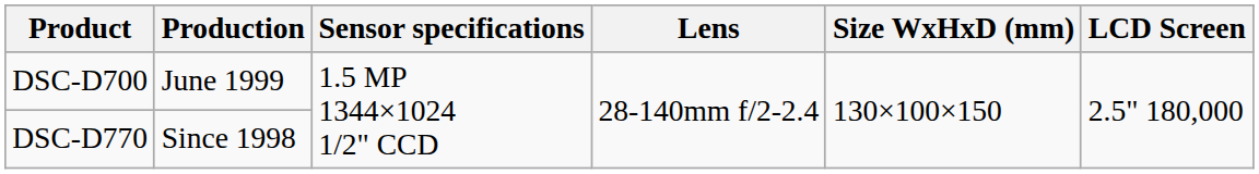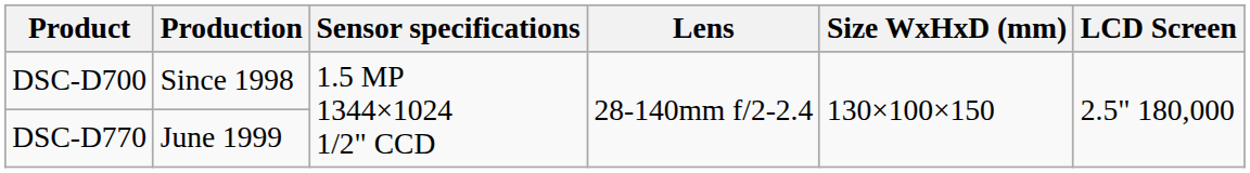 <table class="wikitable">
 <tr>
 <th>Product</th>
 <th>Production</th>
 <th>Sensor specifications</th>
 <th>Lens</th>
 <th>Size WxHxD (mm)</th>
 <th>LCD Screen</th>
 </tr>
 <tr>
 <td>DSC-D700</td>
-<td>June 1999</td>
+<td>Since 1998</td>
 <td rowspan="2">1.5 MP<br>1344×1024<br> 1/2" CCD</td>
 <td rowspan="2">28-140mm f/2-2.4</td>
 <td rowspan="2">130×100×150</td>
 <td rowspan="2">2.5" 180,000</td>
 </tr>
 <tr>
 <td>DSC-D770</td>
-<td>Since 1998</td>
+<td>June 1999</td>
 </tr>
 </table>
